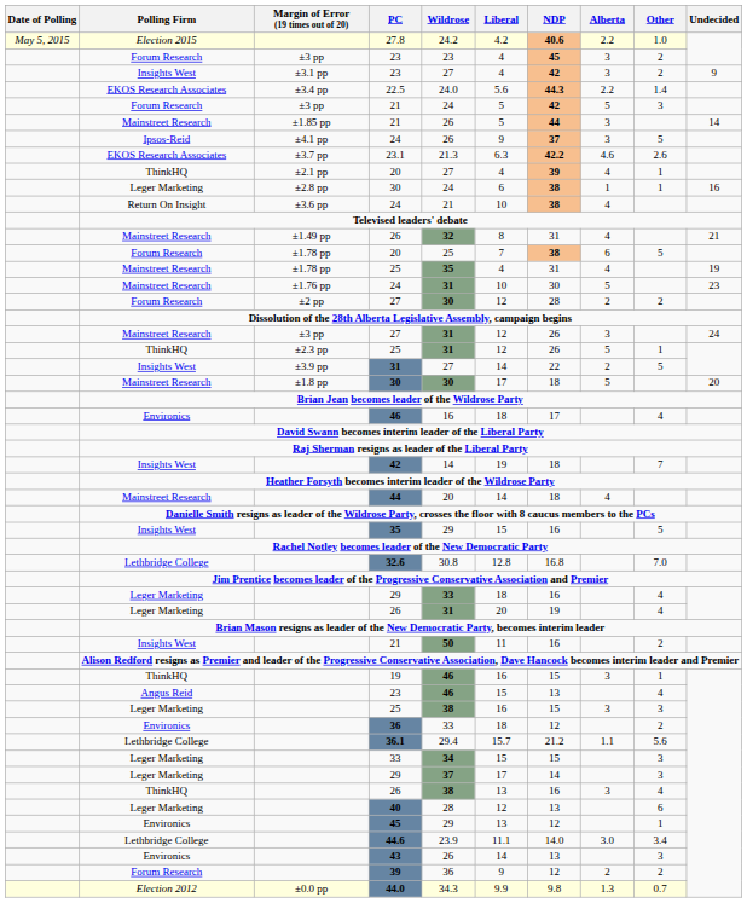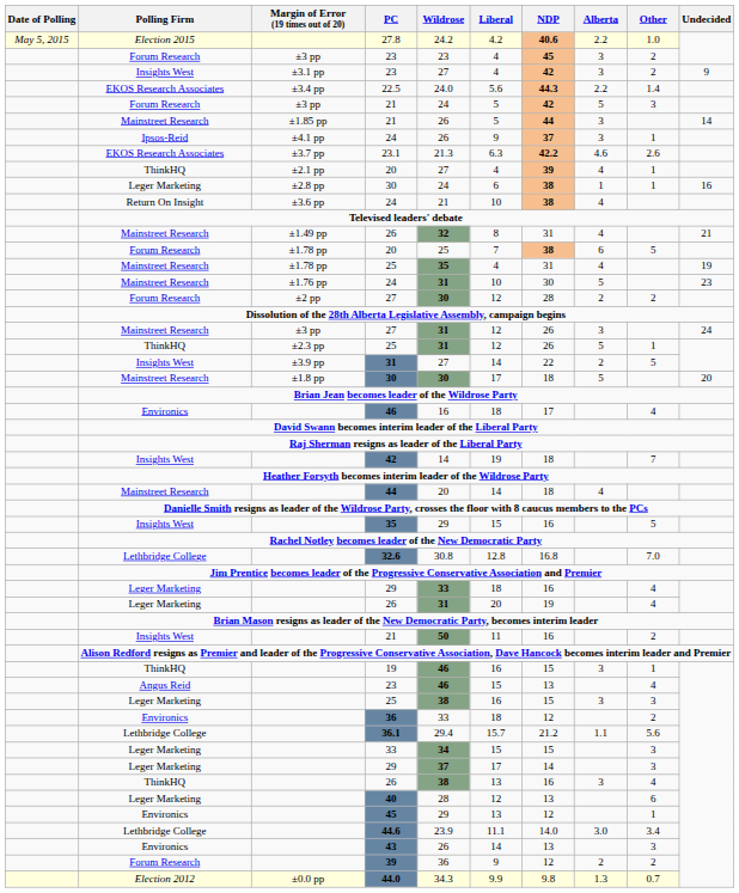 <table class="wikitable collapsible sortable" style="text-align:center;font-size:85%;line-height:14px">
 <tr style="background:#e9e9e9;">
 <th>Date of Polling</th>
 <th>Polling Firm</th>
 <th class=unsortable>Margin of Error<br><small>(19 times out of 20)</small></th>
 <th style="width:60px;background-color:"><a href='#'><span>PC</span></a></th>
 <th style="width:60px;background-color:"><a href='#'><span>Wildrose</span></a></th>
 <th style="width:60px;background-color:"><a href='#'><span>Liberal</span></a></th>
 <th style="width:60px;background-color:"><a href='#'>NDP</a></th>
 <th style="width:60px;background-color:"><a href='#'>Alberta</a></th>
 <th style="width:60px;background-color:"><a href='#'>Other</a></th>
 <th style="width:60px;background-color:"><span>Undecided</span></th>
 </tr>
 <tr>
 <td style="background:#ffd;"><em>May 5, 2015</em></td>
 <td style="background:#ffd;"><em>Election 2015</em></td>
 <td style="background:#ffd;"></td>
 <td style="text-align:center;background:#ffd;">27.8</td>
 <td style="text-align:center;background:#ffd;">24.2</td>
 <td style="text-align:center;background:#ffd;">4.2</td>
 <td style="text-align:center;background:#f7bf8f;"><strong>40.6</strong></td>
 <td style="text-align:center;background:#ffd;">2.2</td>
 <td style="text-align:center;background:#ffd;">1.0</td>
 </tr>
 <tr>
 <td></td>
 <td><a href='#'>Forum Research</a></td>
 <td>±3 pp</td>
 <td style="text-align:center;">23</td>
 <td style="text-align:center;">23</td>
 <td style="text-align:center;">4</td>
 <td style="text-align:center;background:#f7bf8f"><strong>45</strong></td>
 <td style="text-align:center;">3</td>
 <td style="text-align:center;">2</td>
 </tr>
 <tr>
 <td></td>
 <td><a href='#'>Insights West</a></td>
 <td>±3.1 pp</td>
 <td style="text-align:center;">23</td>
 <td style="text-align:center;">27</td>
 <td style="text-align:center;">4</td>
 <td style="text-align:center;background:#f7bf8f"><strong>42</strong></td>
 <td style="text-align:center;">3</td>
 <td style="text-align:center;">2</td>
 <td style="text-align:center;">9</td>
 </tr>
 <tr>
 <td></td>
 <td><a href='#'>EKOS Research Associates</a></td>
 <td>±3.4 pp</td>
 <td style="text-align:center;">22.5</td>
 <td style="text-align:center;">24.0</td>
 <td style="text-align:center;">5.6</td>
 <td style="text-align:center;background:#f7bf8f"><strong>44.3</strong></td>
 <td style="text-align:center;">2.2</td>
 <td style="text-align:center;">1.4</td>
 <td style="text-align:center;"></td>
 </tr>
 <tr>
 <td></td>
 <td><a href='#'>Forum Research</a></td>
 <td>±3 pp</td>
 <td style="text-align:center;">21</td>
 <td style="text-align:center;">24</td>
 <td style="text-align:center;">5</td>
 <td style="text-align:center;background:#f7bf8f"><strong>42</strong></td>
 <td style="text-align:center;">5</td>
 <td style="text-align:center;">3</td>
 </tr>
 <tr>
 <td></td>
 <td><a href='#'>Mainstreet Research</a></td>
 <td>±1.85 pp</td>
 <td style="text-align:center;">21</td>
 <td style="text-align:center;">26</td>
 <td style="text-align:center;">5</td>
 <td style="text-align:center;background:#f7bf8f"><strong>44</strong></td>
 <td style="text-align:center;">3</td>
 <td style="text-align:center;"></td>
 <td style="text-align:center;">14</td>
 </tr>
 <tr>
 <td></td>
 <td><a href='#'>Ipsos-Reid</a></td>
 <td>±4.1 pp</td>
 <td style="text-align:center;">24</td>
 <td style="text-align:center;">26</td>
 <td style="text-align:center;">9</td>
 <td style="text-align:center;background:#f7bf8f"><strong>37</strong></td>
 <td style="text-align:center;">3</td>
-<td style="text-align:center;">5</td>
+<td style="text-align:center;">1</td>
 </tr>
 <tr>
 <td></td>
 <td><a href='#'>EKOS Research Associates</a></td>
 <td>±3.7 pp</td>
 <td style="text-align:center;">23.1</td>
 <td style="text-align:center;">21.3</td>
 <td style="text-align:center;">6.3</td>
 <td style="text-align:center;background:#f7bf8f"><strong>42.2</strong></td>
 <td style="text-align:center;">4.6</td>
 <td style="text-align:center;">2.6</td>
 <td style="text-align:center;"></td>
 </tr>
 <tr>
 <td></td>
 <td>ThinkHQ</td>
 <td>±2.1 pp</td>
 <td style="text-align:center;">20</td>
 <td style="text-align:center;">27</td>
 <td style="text-align:center;">4</td>
 <td style="text-align:center;background:#f7bf8f"><strong>39</strong></td>
 <td style="text-align:center;">4</td>
 <td style="text-align:center;">1</td>
 </tr>
 <tr>
 <td></td>
 <td>Leger Marketing</td>
 <td>±2.8 pp</td>
 <td style="text-align:center;">30</td>
 <td style="text-align:center;">24</td>
 <td style="text-align:center;">6</td>
 <td style="text-align:center;background:#f7bf8f"><strong>38</strong></td>
 <td style="text-align:center;">1</td>
 <td style="text-align:center;">1</td>
 <td style="text-align:center;">16</td>
 </tr>
 <tr>
 <td></td>
 <td>Return On Insight</td>
 <td>±3.6 pp</td>
 <td style="text-align:center;">24</td>
 <td style="text-align:center;">21</td>
 <td style="text-align:center;">10</td>
 <td style="text-align:center;background:#f7bf8f"><strong>38</strong></td>
 <td style="text-align:center;">4</td>
 <td style="text-align:center;"></td>
 <td style="text-align:center;"></td>
 </tr>
 <tr>
 <td></td>
 <td colspan=9><strong>Televised leaders' debate</strong></td>
 </tr>
 <tr>
 <td></td>
 <td><a href='#'>Mainstreet Research</a></td>
 <td>±1.49 pp</td>
 <td style="text-align:center;">26</td>
 <td style="text-align:center;background:#85a385"><strong>32</strong></td>
 <td style="text-align:center;">8</td>
 <td style="text-align:center;">31</td>
 <td style="text-align:center;">4</td>
 <td style="text-align:center;"></td>
 <td style="text-align:center;">21</td>
 </tr>
 <tr>
 <td></td>
 <td><a href='#'>Forum Research</a></td>
 <td>±1.78 pp</td>
 <td style="text-align:center;">20</td>
 <td style="text-align:center;">25</td>
 <td style="text-align:center;">7</td>
 <td style="text-align:center;background:#f7bf8f"><strong>38</strong></td>
 <td style="text-align:center;">6</td>
 <td style="text-align:center;">5</td>
 </tr>
 <tr>
 <td></td>
 <td><a href='#'>Mainstreet Research</a></td>
 <td>±1.78 pp</td>
 <td style="text-align:center;">25</td>
 <td style="text-align:center;background:#85a385"><strong>35</strong></td>
 <td style="text-align:center;">4</td>
 <td style="text-align:center;">31</td>
 <td style="text-align:center;">4</td>
 <td style="text-align:center;"></td>
 <td style="text-align:center;">19</td>
 </tr>
 <tr>
 <td></td>
 <td><a href='#'>Mainstreet Research</a></td>
 <td>±1.76 pp</td>
 <td style="text-align:center;">24</td>
 <td style="text-align:center;background:#85a385"><strong>31</strong></td>
 <td style="text-align:center;">10</td>
 <td style="text-align:center;">30</td>
 <td style="text-align:center;">5</td>
 <td style="text-align:center;"></td>
 <td style="text-align:center;">23</td>
 </tr>
 <tr>
 <td></td>
 <td><a href='#'>Forum Research</a></td>
 <td>±2 pp</td>
 <td style="text-align:center;">27</td>
 <td style="text-align:center;background:#85a385"><strong>30</strong></td>
 <td style="text-align:center;">12</td>
 <td style="text-align:center;">28</td>
 <td style="text-align:center;">2</td>
 <td style="text-align:center;">2</td>
 </tr>
 <tr>
 <td></td>
 <td colspan=9><strong>Dissolution of the <a href='#'>28th Alberta Legislative Assembly</a>, campaign begins</strong></td>
 </tr>
 <tr>
 <td></td>
 <td><a href='#'>Mainstreet Research</a></td>
 <td>±3 pp</td>
 <td style="text-align:center;">27</td>
 <td style="text-align:center;background:#85a385"><strong>31</strong></td>
 <td style="text-align:center;">12</td>
 <td style="text-align:center;">26</td>
 <td style="text-align:center;">3</td>
 <td style="text-align:center;"></td>
 <td style="text-align:center;">24</td>
 </tr>
 <tr>
 <td></td>
 <td>ThinkHQ</td>
 <td>±2.3 pp</td>
 <td style="text-align:center;">25</td>
 <td style="text-align:center;background:#85a385"><strong>31</strong></td>
 <td style="text-align:center;">12</td>
 <td style="text-align:center;">26</td>
 <td style="text-align:center;">5</td>
 <td style="text-align:center;">1</td>
 </tr>
 <tr>
 <td></td>
 <td><a href='#'>Insights West</a></td>
 <td>±3.9 pp</td>
 <td style="text-align:center;background:#6685a3"><strong>31</strong></td>
 <td style="text-align:center;">27</td>
 <td style="text-align:center;">14</td>
 <td style="text-align:center;">22</td>
 <td style="text-align:center;">2</td>
 <td style="text-align:center;">5</td>
 </tr>
 <tr>
 <td></td>
 <td><a href='#'>Mainstreet Research</a></td>
 <td>±1.8 pp</td>
 <td style="text-align:center;background:#6685a3"><strong>30</strong></td>
 <td style="text-align:center;background:#85a385"><strong>30</strong></td>
 <td style="text-align:center;">17</td>
 <td style="text-align:center;">18</td>
 <td style="text-align:center;">5</td>
 <td style="text-align:center;"></td>
 <td style="text-align:center;">20</td>
 </tr>
 <tr>
 <td></td>
 <td colspan=9><strong><a href='#'>Brian Jean</a> <a href='#'>becomes leader</a> of the <a href='#'>Wildrose Party</a></strong></td>
 </tr>
 <tr>
 <td></td>
 <td><a href='#'>Environics</a></td>
 <td></td>
 <td style="text-align:center;background:#6685a3"><strong>46</strong></td>
 <td style="text-align:center;">16</td>
 <td style="text-align:center;">18</td>
 <td style="text-align:center;">17</td>
 <td style="text-align:center;"></td>
 <td style="text-align:center;">4</td>
 </tr>
 <tr>
 <td></td>
 <td colspan=9><strong><a href='#'>David Swann</a> becomes interim leader of the <a href='#'>Liberal Party</a></strong></td>
 </tr>
 <tr>
 <td></td>
 <td colspan=9><strong><a href='#'>Raj Sherman</a> resigns as leader of the <a href='#'>Liberal Party</a></strong></td>
 </tr>
 <tr>
 <td></td>
 <td><a href='#'>Insights West</a></td>
 <td></td>
 <td style="text-align:center;background:#6685a3"><strong>42</strong></td>
 <td style="text-align:center;">14</td>
 <td style="text-align:center;">19</td>
 <td style="text-align:center;">18</td>
 <td style="text-align:center;"></td>
 <td style="text-align:center;">7</td>
 </tr>
 <tr>
 <td></td>
 <td colspan=9><strong><a href='#'>Heather Forsyth</a> becomes interim leader of the <a href='#'>Wildrose Party</a></strong></td>
 </tr>
 <tr>
 <td></td>
 <td><a href='#'>Mainstreet Research</a></td>
 <td></td>
 <td style="text-align:center;background:#6685a3"><strong>44</strong></td>
 <td style="text-align:center;">20</td>
 <td style="text-align:center;">14</td>
 <td style="text-align:center;">18</td>
 <td style="text-align:center;">4</td>
 <td style="text-align:center;"></td>
 </tr>
 <tr>
 <td></td>
 <td colspan=9><strong><a href='#'>Danielle Smith</a> resigns as leader of the <a href='#'>Wildrose Party</a>, crosses the floor with 8 caucus members to the <a href='#'>PCs</a></strong></td>
 </tr>
 <tr>
 <td></td>
 <td><a href='#'>Insights West</a></td>
 <td></td>
 <td style="text-align:center;background:#6685a3"><strong>35</strong></td>
 <td style="text-align:center;">29</td>
 <td style="text-align:center;">15</td>
 <td style="text-align:center;">16</td>
 <td style="text-align:center;"></td>
 <td style="text-align:center;">5</td>
 </tr>
 <tr>
 <td></td>
 <td colspan=9><strong><a href='#'>Rachel Notley</a> <a href='#'>becomes leader</a> of the <a href='#'>New Democratic Party</a></strong></td>
 </tr>
 <tr>
 <td></td>
 <td><a href='#'>Lethbridge College</a></td>
 <td></td>
 <td style="text-align:center;background:#6685a3"><strong>32.6</strong></td>
 <td style="text-align:center;">30.8</td>
 <td style="text-align:center;">12.8</td>
 <td style="text-align:center;">16.8</td>
 <td style="text-align:center;"></td>
 <td style="text-align:center;">7.0</td>
 </tr>
 <tr>
 <td></td>
 <td colspan=9><strong><a href='#'>Jim Prentice</a> <a href='#'>becomes leader</a> of the <a href='#'>Progressive Conservative Association</a> and <a href='#'>Premier</a></strong></td>
 </tr>
 <tr>
 <td></td>
 <td><a href='#'>Leger Marketing</a></td>
 <td></td>
 <td style="text-align:center;">29</td>
 <td style="text-align:center;background:#85a385"><strong>33</strong></td>
 <td style="text-align:center;">18</td>
 <td style="text-align:center;">16</td>
 <td style="text-align:center;"></td>
 <td style="text-align:center;">4</td>
 </tr>
 <tr>
 <td></td>
 <td>Leger Marketing</td>
 <td></td>
 <td style="text-align:center;">26</td>
 <td style="text-align:center;background:#85a385"><strong>31</strong></td>
 <td style="text-align:center;">20</td>
 <td style="text-align:center;">19</td>
 <td style="text-align:center;"></td>
 <td style="text-align:center;">4</td>
 </tr>
 <tr>
 <td></td>
 <td colspan=9><strong><a href='#'>Brian Mason</a> resigns as leader of the <a href='#'>New Democratic Party</a>, becomes interim leader</strong></td>
 </tr>
 <tr>
 <td></td>
 <td><a href='#'>Insights West</a></td>
 <td></td>
 <td style="text-align:center;">21</td>
 <td style="text-align:center;background:#85a385"><strong>50</strong></td>
 <td style="text-align:center;">11</td>
 <td style="text-align:center;">16</td>
 <td style="text-align:center;"></td>
 <td style="text-align:center;">2</td>
 </tr>
 <tr>
 <td></td>
 <td colspan=9><strong><a href='#'>Alison Redford</a> resigns as <a href='#'>Premier</a> and leader of the <a href='#'>Progressive Conservative Association</a>, <a href='#'>Dave Hancock</a> becomes interim leader and Premier</strong></td>
 </tr>
 <tr>
 <td></td>
 <td>ThinkHQ</td>
 <td></td>
 <td style="text-align:center;">19</td>
 <td style="text-align:center;background:#85a385"><strong>46</strong></td>
 <td style="text-align:center;">16</td>
 <td style="text-align:center;">15</td>
 <td style="text-align:center;">3</td>
 <td style="text-align:center;">1</td>
 </tr>
 <tr>
 <td></td>
 <td><a href='#'>Angus Reid</a></td>
 <td></td>
 <td style="text-align:center;">23</td>
 <td style="text-align:center;background:#85a385"><strong>46</strong></td>
 <td style="text-align:center;">15</td>
 <td style="text-align:center;">13</td>
 <td style="text-align:center;"></td>
 <td style="text-align:center;">4</td>
 </tr>
 <tr>
 <td></td>
 <td>Leger Marketing</td>
 <td></td>
 <td style="text-align:center;">25</td>
 <td style="text-align:center;background:#85a385"><strong>38</strong></td>
 <td style="text-align:center;">16</td>
 <td style="text-align:center;">15</td>
 <td style="text-align:center;">3</td>
 <td style="text-align:center;">3</td>
 </tr>
 <tr>
 <td></td>
 <td><a href='#'>Environics</a></td>
 <td></td>
 <td style="text-align:center;background:#6685a3"><strong>36</strong></td>
 <td style="text-align:center;">33</td>
 <td style="text-align:center;">18</td>
 <td style="text-align:center;">12</td>
 <td style="text-align:center;"></td>
 <td style="text-align:center;">2</td>
 </tr>
 <tr>
 <td></td>
 <td>Lethbridge College</td>
 <td></td>
 <td style="text-align:center;background:#6685a3"><strong>36.1</strong></td>
 <td style="text-align:center;">29.4</td>
 <td style="text-align:center;">15.7</td>
 <td style="text-align:center;">21.2</td>
 <td style="text-align:center;">1.1</td>
 <td style="text-align:center;">5.6</td>
 </tr>
 <tr>
 <td></td>
 <td>Leger Marketing</td>
 <td></td>
 <td style="text-align:center;">33</td>
 <td style="text-align:center;background:#85a385"><strong>34</strong></td>
 <td style="text-align:center;">15</td>
 <td style="text-align:center;">15</td>
 <td style="text-align:center;"></td>
 <td style="text-align:center;">3</td>
 </tr>
 <tr>
 <td></td>
 <td>Leger Marketing</td>
 <td></td>
 <td style="text-align:center;">29</td>
 <td style="text-align:center;background:#85a385"><strong>37</strong></td>
 <td style="text-align:center;">17</td>
 <td style="text-align:center;">14</td>
 <td style="text-align:center;"></td>
 <td style="text-align:center;">3</td>
 </tr>
 <tr>
 <td></td>
 <td>ThinkHQ</td>
 <td></td>
 <td style="text-align:center;">26</td>
 <td style="text-align:center;background:#85a385"><strong>38</strong></td>
 <td style="text-align:center;">13</td>
 <td style="text-align:center;">16</td>
 <td style="text-align:center;">3</td>
 <td style="text-align:center;">4</td>
 </tr>
 <tr>
 <td></td>
 <td>Leger Marketing</td>
 <td></td>
 <td style="text-align:center;background:#6685a3"><strong>40</strong></td>
 <td style="text-align:center;">28</td>
 <td style="text-align:center;">12</td>
 <td style="text-align:center;">13</td>
 <td style="text-align:center;"></td>
 <td style="text-align:center;">6</td>
 </tr>
 <tr>
 <td></td>
 <td>Environics</td>
 <td></td>
 <td style="text-align:center;background:#6685a3"><strong>45</strong></td>
 <td style="text-align:center;">29</td>
 <td style="text-align:center;">13</td>
 <td style="text-align:center;">12</td>
 <td style="text-align:center;"></td>
 <td style="text-align:center;">1</td>
 </tr>
 <tr>
 <td></td>
 <td>Lethbridge College</td>
 <td></td>
 <td style="text-align:center;background:#6685a3"><strong>44.6</strong></td>
 <td style="text-align:center;">23.9</td>
 <td style="text-align:center;">11.1</td>
 <td style="text-align:center;">14.0</td>
 <td style="text-align:center;">3.0</td>
 <td style="text-align:center;">3.4</td>
 </tr>
 <tr>
 <td></td>
 <td>Environics</td>
 <td></td>
 <td style="text-align:center;background:#6685a3"><strong>43</strong></td>
 <td style="text-align:center;">26</td>
 <td style="text-align:center;">14</td>
 <td style="text-align:center;">13</td>
 <td style="text-align:center;"></td>
 <td style="text-align:center;">3</td>
 </tr>
 <tr>
 <td></td>
 <td><a href='#'>Forum Research</a></td>
 <td></td>
 <td style="text-align:center;background:#6685a3"><strong>39</strong></td>
 <td style="text-align:center;">36</td>
 <td style="text-align:center;">9</td>
 <td style="text-align:center;">12</td>
 <td style="text-align:center;">2</td>
 <td style="text-align:center;">2</td>
 </tr>
 <tr>
 <td style="background:#ffd;"></td>
 <td style="background:#ffd;"><em>Election 2012</em></td>
 <td style="background:#ffd; text-align:center;">±0.0 pp</td>
 <td style="background:#6685a3; text-align:center;"><strong>44.0</strong></td>
 <td style="background:#ffd; text-align:center;">34.3</td>
 <td style="background:#ffd; text-align:center;">9.9</td>
 <td style="background:#ffd; text-align:center;">9.8</td>
 <td style="background:#ffd; text-align:center;">1.3</td>
 <td style="background:#ffd; text-align:center;">0.7</td>
 </tr>
 </table>
